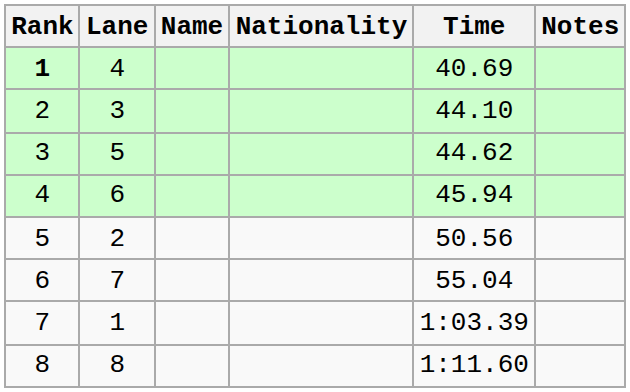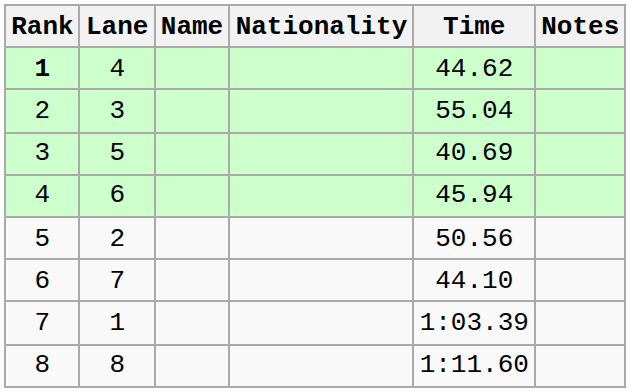 <table class="wikitable sortable" style="text-align:center">
 <tr>
 <th>Rank</th>
 <th>Lane</th>
 <th>Name</th>
 <th>Nationality</th>
 <th>Time</th>
 <th>Notes</th>
 </tr>
 <tr bgcolor=ccffcc>
 <td><strong>1</strong></td>
 <td>4</td>
 <td align=left></td>
 <td align=left></td>
-<td>40.69</td>
+<td>44.62</td>
 <td><strong></strong> <strong></strong></td>
 </tr>
 <tr bgcolor=ccffcc>
 <td>2</td>
 <td>3</td>
 <td align=left></td>
 <td align=left></td>
-<td>44.10</td>
+<td>55.04</td>
 <td><strong></strong></td>
 </tr>
 <tr bgcolor=ccffcc>
 <td>3</td>
 <td>5</td>
 <td align=left></td>
 <td align=left></td>
-<td>44.62</td>
+<td>40.69</td>
 <td><strong></strong></td>
 </tr>
 <tr bgcolor=ccffcc>
 <td>4</td>
 <td>6</td>
 <td align=left></td>
 <td align=left></td>
 <td>45.94</td>
 <td><strong></strong></td>
 </tr>
 <tr>
 <td>5</td>
 <td>2</td>
 <td align=left></td>
 <td align=left></td>
 <td>50.56</td>
 <td></td>
 </tr>
 <tr>
 <td>6</td>
 <td>7</td>
 <td align=left></td>
 <td align=left></td>
-<td>55.04</td>
+<td>44.10</td>
 <td></td>
 </tr>
 <tr>
 <td>7</td>
 <td>1</td>
 <td align=left></td>
 <td align=left></td>
 <td>1:03.39</td>
 <td></td>
 </tr>
 <tr>
 <td>8</td>
 <td>8</td>
 <td align=left></td>
 <td align=left></td>
 <td>1:11.60</td>
 <td></td>
 </tr>
 </table>
